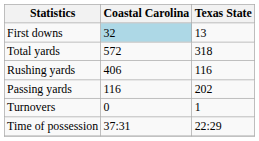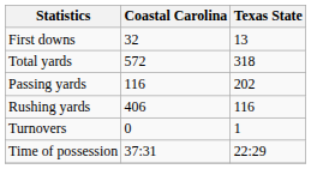 <table class="wikitable">
 <tr>
 <th>Statistics</th>
 <th>Coastal Carolina</th>
 <th>Texas State</th>
 </tr>
 <tr>
 <td>First downs</td>
-<td style="background: lightblue;">32</td>
+<td>32</td>
 <td>13</td>
 </tr>
 <tr>
 <td>Total yards</td>
 <td>572</td>
 <td>318</td>
 </tr>
 <tr>
+<td>Passing yards</td>
+<td>116</td>
+<td>202</td>
+</tr>
+<tr>
 <td>Rushing yards</td>
 <td>406</td>
 <td>116</td>
-</tr>
-<tr>
-<td>Passing yards</td>
-<td>116</td>
-<td>202</td>
 </tr>
 <tr>
 <td>Turnovers</td>
 <td>0</td>
 <td>1</td>
 </tr>
 <tr>
 <td>Time of possession</td>
 <td>37:31</td>
 <td>22:29</td>
 </tr>
 <tr>
 </tr>
 </table>
